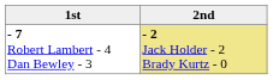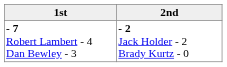 <table border="1" cellpadding="2" cellspacing="0"  style="width:50%; border-collapse:collapse;">
 <tr style="text-align:left; background:#efefef;">
 <th width=15% align=center >1st</th>
 <th width=15% align=center >2nd</th>
 </tr>
 <tr align=left>
 <td valign=top align=left ><strong> - 7</strong><br><a href='#'>Robert Lambert</a> - 4<br><a href='#'>Dan Bewley</a> - 3</td>
-<td valign=top align=left  style="background: khaki;"><strong> - 2</strong><br><a href='#'>Jack Holder</a> - 2<br><a href='#'>Brady Kurtz</a> - 0</td>
+<td valign=top align=left ><strong> - 2</strong><br><a href='#'>Jack Holder</a> - 2<br><a href='#'>Brady Kurtz</a> - 0</td>
 </tr>
 </table>
